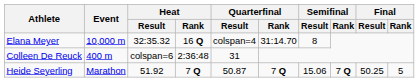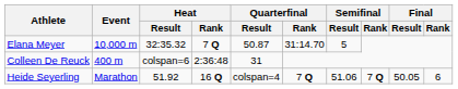 <table class=wikitable style="font-size:90%">
 <tr>
 <th rowspan="2">Athlete</th>
 <th rowspan="2">Event</th>
 <th colspan="2">Heat</th>
 <th colspan="2">Quarterfinal</th>
 <th colspan="2">Semifinal</th>
 <th colspan="2">Final</th>
 </tr>
 <tr style="font-size:95%">
 <th>Result</th>
 <th>Rank</th>
 <th>Result</th>
 <th>Rank</th>
 <th>Result</th>
 <th>Rank</th>
 <th>Result</th>
 <th>Rank</th>
 </tr>
 <tr align=center>
 <td align=left><a href='#'>Elana Meyer</a></td>
 <td align=left><a href='#'>10,000 m</a></td>
 <td>32:35.32</td>
-<td>16 <strong>Q</strong></td>
-<td>colspan=4 </td>
+<td>7 <strong>Q</strong></td>
+<td>50.87</td>
 <td>31:14.70</td>
-<td>8</td>
+<td>5</td>
 </tr>
 <tr align=center>
 <td align=left><a href='#'>Colleen De Reuck</a></td>
 <td align=left><a href='#'>400 m</a></td>
 <td>colspan=6 </td>
 <td>2:36:48</td>
 <td>31</td>
 </tr>
 <tr align=center>
 <td align=left><a href='#'>Heide Seyerling</a></td>
 <td align=left><a href='#'>Marathon</a></td>
 <td>51.92</td>
+<td>16 <strong>Q</strong></td>
+<td>colspan=4 </td>
 <td>7 <strong>Q</strong></td>
-<td>50.87</td>
+<td>51.06</td>
 <td>7 <strong>Q</strong></td>
-<td>15.06</td>
-<td>7 <strong>Q</strong></td>
-<td>50.25</td>
-<td>5</td>
+<td>50.05</td>
+<td>6</td>
 </tr>
 </table>
